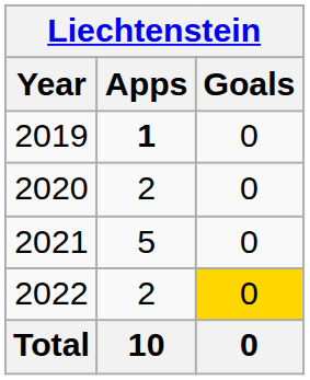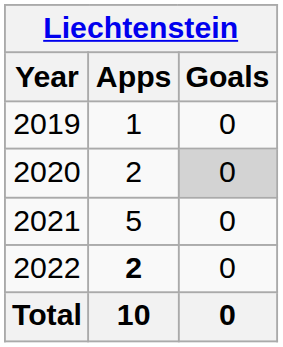 <table class="wikitable" style="text-align:center">
 <tr>
 <th colspan=4><a href='#'>Liechtenstein</a></th>
 </tr>
 <tr>
 <th>Year</th>
 <th>Apps</th>
 <th>Goals</th>
 </tr>
 <tr>
 <td>2019</td>
-<td><strong>1</strong></td>
+<td>1</td>
 <td>0</td>
 </tr>
 <tr>
 <td>2020</td>
 <td>2</td>
-<td>0</td>
+<td style="background: lightgrey;">0</td>
 </tr>
 <tr>
 <td>2021</td>
 <td>5</td>
 <td>0</td>
 </tr>
 <tr>
 <td>2022</td>
-<td>2</td>
-<td style="background: gold;">0</td>
+<td><strong>2</strong></td>
+<td>0</td>
 </tr>
 <tr>
 <th>Total</th>
 <th>10</th>
 <th>0</th>
 </tr>
 </table>
